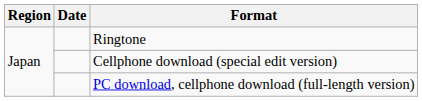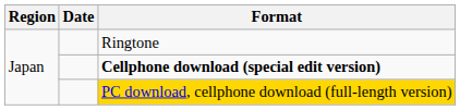 <table class="wikitable">
 <tr>
 <th>Region</th>
 <th>Date</th>
 <th>Format</th>
 </tr>
 <tr>
 <td rowspan="3">Japan</td>
 <td></td>
 <td>Ringtone</td>
 </tr>
 <tr>
 <td></td>
-<td>Cellphone download (special edit version)</td>
+<td><strong>Cellphone download (special edit version)</strong></td>
 </tr>
 <tr>
 <td></td>
-<td><a href='#'>PC download</a>, cellphone download (full-length version)</td>
+<td style="background: gold;"><a href='#'>PC download</a>, cellphone download (full-length version)</td>
 </tr>
 </table>
